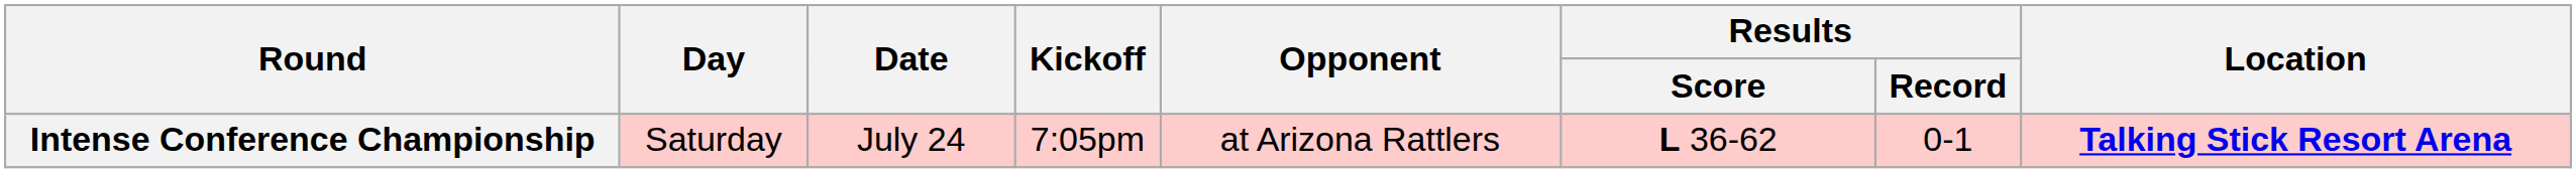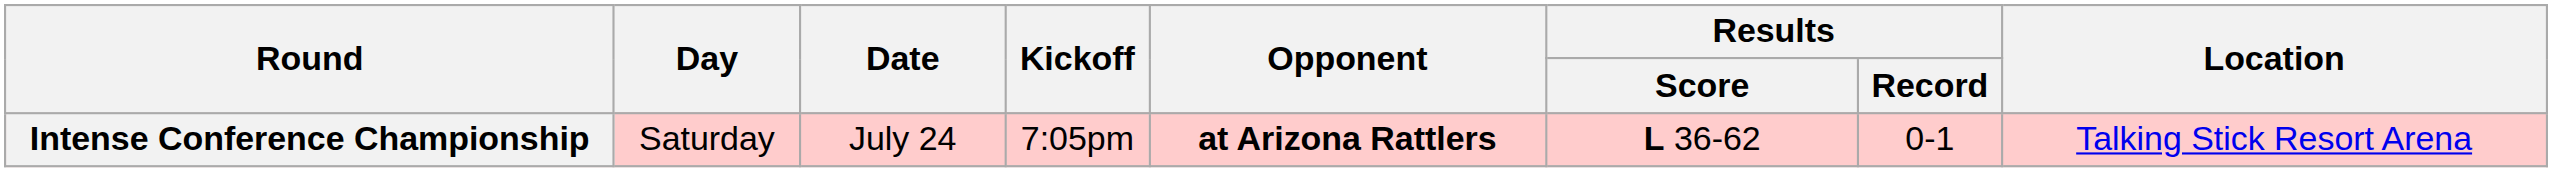 <table class="wikitable">
 <tr>
 <th rowspan="2" width="280">Round</th>
 <th rowspan="2" width="80">Day</th>
 <th rowspan="2" width="90">Date</th>
 <th rowspan="2" width="60">Kickoff</th>
 <th rowspan="2" width="180">Opponent</th>
 <th colspan="2" width="200">Results</th>
 <th rowspan="2" width="250">Location</th>
 </tr>
 <tr>
 <th width="140">Score</th>
 <th width="60">Record</th>
 </tr>
 <tr align="center" bgcolor="#FFCCCC">
 <th>Intense Conference Championship</th>
 <td>Saturday</td>
 <td>July 24</td>
 <td>7:05pm</td>
-<td>at Arizona Rattlers</td>
+<td><strong>at Arizona Rattlers</strong></td>
 <td><strong>L</strong> 36-62</td>
 <td>0-1</td>
-<td><strong><a href='#'>Talking Stick Resort Arena</a></strong></td>
+<td><a href='#'>Talking Stick Resort Arena</a></td>
 </tr>
 </table>
